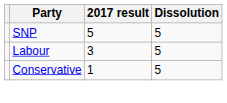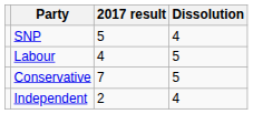 <table class="wikitable">
 <tr>
 <th></th>
 <th>Party</th>
 <th>2017 result</th>
 <th>Dissolution</th>
 </tr>
 <tr>
 <td style="background:"></td>
 <td><a href='#'>SNP</a></td>
 <td>5</td>
-<td>5</td>
+<td>4</td>
 </tr>
 <tr>
 <td style="background:"></td>
 <td><a href='#'>Labour</a></td>
-<td>3</td>
+<td>4</td>
 <td>5</td>
 </tr>
 <tr>
 <td style="background:"></td>
 <td><a href='#'>Conservative</a></td>
-<td>1</td>
+<td>7</td>
 <td>5</td>
 </tr>
+<tr>
+<td style="background:"></td>
+<td><a href='#'>Independent</a></td>
+<td>2</td>
+<td>4</td>
+</tr>
 </table>
